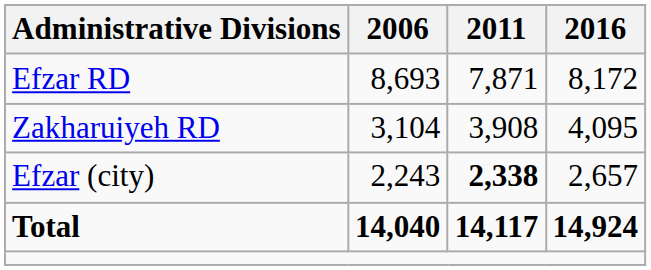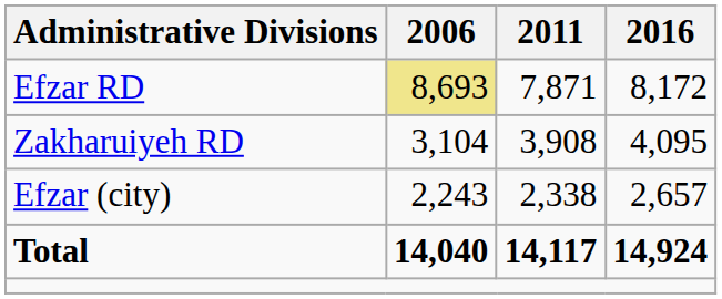 <table class="wikitable">
 <tr>
 <th>Administrative Divisions</th>
 <th>2006</th>
 <th>2011</th>
 <th>2016</th>
 </tr>
 <tr>
 <td><a href='#'>Efzar RD</a></td>
-<td style="text-align: right;">8,693</td>
+<td style="background: khaki; text-align: right;">8,693</td>
 <td style="text-align: right;">7,871</td>
 <td style="text-align: right;">8,172</td>
 </tr>
 <tr>
 <td><a href='#'>Zakharuiyeh RD</a></td>
 <td style="text-align: right;">3,104</td>
 <td style="text-align: right;">3,908</td>
 <td style="text-align: right;">4,095</td>
 </tr>
 <tr>
 <td><a href='#'>Efzar</a> (city)</td>
 <td style="text-align: right;">2,243</td>
-<td style="text-align: right;"><strong>2,338</strong></td>
+<td style="text-align: right;">2,338</td>
 <td style="text-align: right;">2,657</td>
 </tr>
 <tr>
 <td><strong>Total</strong></td>
 <td style="text-align: right;"><strong>14,040</strong></td>
 <td style="text-align: right;"><strong>14,117</strong></td>
 <td style="text-align: right;"><strong>14,924</strong></td>
 </tr>
 <tr>
 <td colspan=4></td>
 </tr>
 </table>
